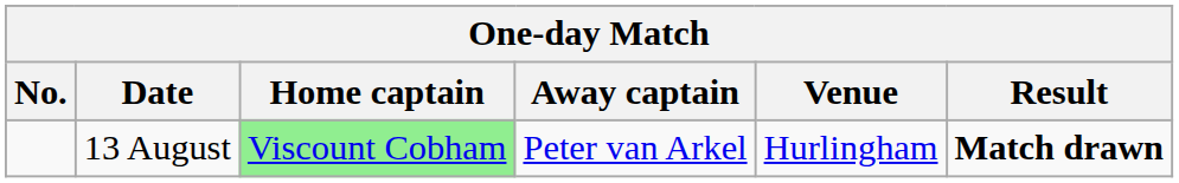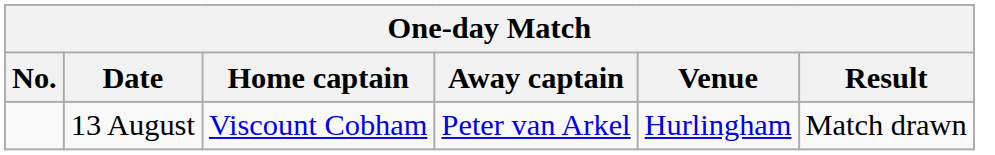 <table class="wikitable">
 <tr>
 <th colspan="9">One-day Match</th>
 </tr>
 <tr>
 <th>No.</th>
 <th>Date</th>
 <th>Home captain</th>
 <th>Away captain</th>
 <th>Venue</th>
 <th>Result</th>
 </tr>
 <tr>
 <td></td>
 <td>13 August</td>
-<td style="background: lightgreen;"><a href='#'>Viscount Cobham</a></td>
+<td><a href='#'>Viscount Cobham</a></td>
 <td><a href='#'>Peter van Arkel</a></td>
 <td><a href='#'>Hurlingham</a></td>
-<td><strong>Match drawn</strong></td>
+<td>Match drawn</td>
 </tr>
 </table>
